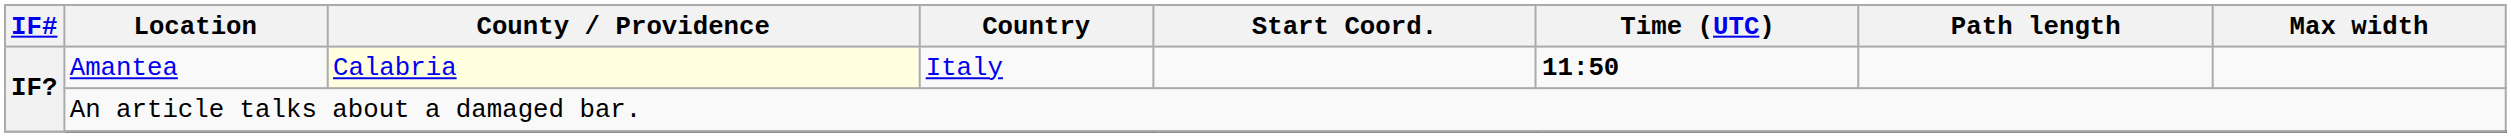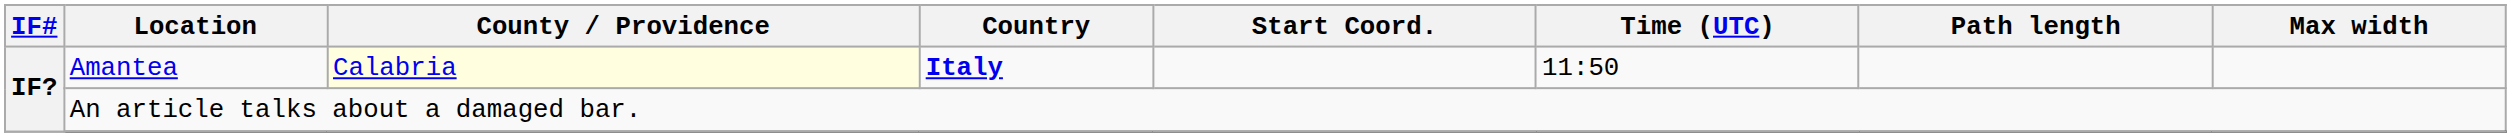 <table class="wikitable sortable" style="width:100%;">
 <tr>
 <th scope="col" width="2%" align="center"><a href='#'>IF#</a></th>
 <th scope="col" align="center" class="unsortable">Location</th>
 <th scope="col" align="center" class="unsortable">County / Providence</th>
 <th scope="col" align="center">Country</th>
 <th scope="col" align="center">Start Coord.</th>
 <th scope="col" align="center">Time (<a href='#'>UTC</a>)</th>
 <th scope="col" align="center">Path length</th>
 <th scope="col" align="center">Max width</th>
 </tr>
 <tr>
 <th scope="row" rowspan="2" style="background-color:#">IF?</th>
 <td><a href='#'>Amantea</a></td>
 <td style="background: lightyellow;"><a href='#'>Calabria</a></td>
-<td><a href='#'>Italy</a></td>
+<td><strong><a href='#'>Italy</a></strong></td>
 <td></td>
-<td><strong>11:50</strong></td>
+<td>11:50</td>
 <td></td>
 <td></td>
 </tr>
 <tr class="expand-child">
 <td colspan="8" style=" border-bottom: 1px solid black;">An article talks about a damaged bar.</td>
 </tr>
 <tr>
 </tr>
 </table>
